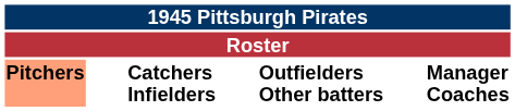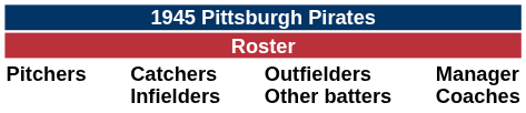 <table class="toccolours" style="font-size: 95%;">
 <tr>
 <th colspan="10" style="background-color: #023465; color: white; text-align: center;">1945 Pittsburgh Pirates</th>
 </tr>
 <tr>
 <td colspan="10" style="background-color: #ba313c; color: white; text-align: center;"><strong>Roster</strong></td>
 </tr>
 <tr>
-<td valign="top" style="background: lightsalmon;"><strong>Pitchers</strong><br>           </td>
+<td valign="top"><strong>Pitchers</strong><br>           </td>
 <td width="25px"></td>
 <td valign="top"><strong>Catchers</strong><br>    <strong>Infielders</strong>         </td>
 <td width="25px"></td>
 <td valign="top"><strong>Outfielders</strong><br>     <strong>Other batters</strong>  </td>
 <td width="25px"></td>
 <td valign="top"><strong>Manager</strong><br> <strong>Coaches</strong>   </td>
 </tr>
 </table>
